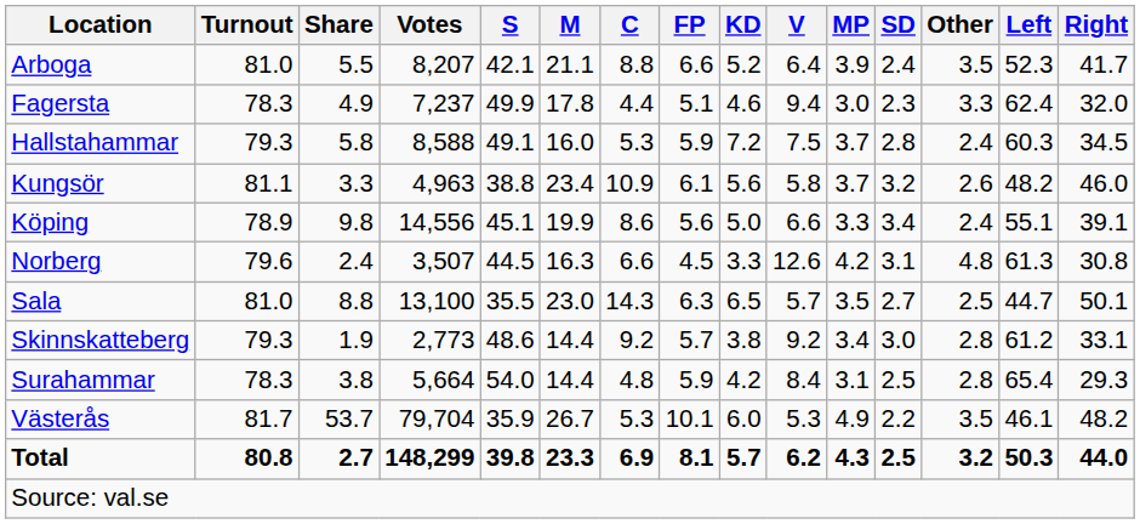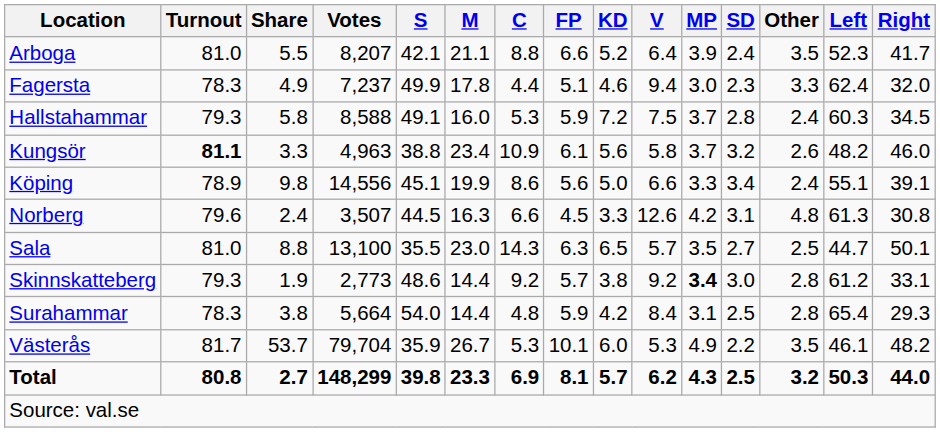 <table class="wikitable sortable" style=text-align:right>
 <tr>
 <th>Location</th>
 <th>Turnout</th>
 <th>Share</th>
 <th>Votes</th>
 <th><a href='#'>S</a></th>
 <th><a href='#'>M</a></th>
 <th><a href='#'>C</a></th>
 <th><a href='#'>FP</a></th>
 <th><a href='#'>KD</a></th>
 <th><a href='#'>V</a></th>
 <th><a href='#'>MP</a></th>
 <th><a href='#'>SD</a></th>
 <th>Other</th>
 <th><a href='#'>Left</a></th>
 <th><a href='#'>Right</a></th>
 </tr>
 <tr>
 <td align=left><a href='#'>Arboga</a></td>
 <td>81.0</td>
 <td>5.5</td>
 <td>8,207</td>
 <td>42.1</td>
 <td>21.1</td>
 <td>8.8</td>
 <td>6.6</td>
 <td>5.2</td>
 <td>6.4</td>
 <td>3.9</td>
 <td>2.4</td>
 <td>3.5</td>
 <td>52.3</td>
 <td>41.7</td>
 </tr>
 <tr>
 <td align=left><a href='#'>Fagersta</a></td>
 <td>78.3</td>
 <td>4.9</td>
 <td>7,237</td>
 <td>49.9</td>
 <td>17.8</td>
 <td>4.4</td>
 <td>5.1</td>
 <td>4.6</td>
 <td>9.4</td>
 <td>3.0</td>
 <td>2.3</td>
 <td>3.3</td>
 <td>62.4</td>
 <td>32.0</td>
 </tr>
 <tr>
 <td align=left><a href='#'>Hallstahammar</a></td>
 <td>79.3</td>
 <td>5.8</td>
 <td>8,588</td>
 <td>49.1</td>
 <td>16.0</td>
 <td>5.3</td>
 <td>5.9</td>
 <td>7.2</td>
 <td>7.5</td>
 <td>3.7</td>
 <td>2.8</td>
 <td>2.4</td>
 <td>60.3</td>
 <td>34.5</td>
 </tr>
 <tr>
 <td align=left><a href='#'>Kungsör</a></td>
-<td>81.1</td>
+<td><strong>81.1</strong></td>
 <td>3.3</td>
 <td>4,963</td>
 <td>38.8</td>
 <td>23.4</td>
 <td>10.9</td>
 <td>6.1</td>
 <td>5.6</td>
 <td>5.8</td>
 <td>3.7</td>
 <td>3.2</td>
 <td>2.6</td>
 <td>48.2</td>
 <td>46.0</td>
 </tr>
 <tr>
 <td align=left><a href='#'>Köping</a></td>
 <td>78.9</td>
 <td>9.8</td>
 <td>14,556</td>
 <td>45.1</td>
 <td>19.9</td>
 <td>8.6</td>
 <td>5.6</td>
 <td>5.0</td>
 <td>6.6</td>
 <td>3.3</td>
 <td>3.4</td>
 <td>2.4</td>
 <td>55.1</td>
 <td>39.1</td>
 </tr>
 <tr>
 <td align=left><a href='#'>Norberg</a></td>
 <td>79.6</td>
 <td>2.4</td>
 <td>3,507</td>
 <td>44.5</td>
 <td>16.3</td>
 <td>6.6</td>
 <td>4.5</td>
 <td>3.3</td>
 <td>12.6</td>
 <td>4.2</td>
 <td>3.1</td>
 <td>4.8</td>
 <td>61.3</td>
 <td>30.8</td>
 </tr>
 <tr>
 <td align=left><a href='#'>Sala</a></td>
 <td>81.0</td>
 <td>8.8</td>
 <td>13,100</td>
 <td>35.5</td>
 <td>23.0</td>
 <td>14.3</td>
 <td>6.3</td>
 <td>6.5</td>
 <td>5.7</td>
 <td>3.5</td>
 <td>2.7</td>
 <td>2.5</td>
 <td>44.7</td>
 <td>50.1</td>
 </tr>
 <tr>
 <td align=left><a href='#'>Skinnskatteberg</a></td>
 <td>79.3</td>
 <td>1.9</td>
 <td>2,773</td>
 <td>48.6</td>
 <td>14.4</td>
 <td>9.2</td>
 <td>5.7</td>
 <td>3.8</td>
 <td>9.2</td>
-<td>3.4</td>
+<td><strong>3.4</strong></td>
 <td>3.0</td>
 <td>2.8</td>
 <td>61.2</td>
 <td>33.1</td>
 </tr>
 <tr>
 <td align=left><a href='#'>Surahammar</a></td>
 <td>78.3</td>
 <td>3.8</td>
 <td>5,664</td>
 <td>54.0</td>
 <td>14.4</td>
 <td>4.8</td>
 <td>5.9</td>
 <td>4.2</td>
 <td>8.4</td>
 <td>3.1</td>
 <td>2.5</td>
 <td>2.8</td>
 <td>65.4</td>
 <td>29.3</td>
 </tr>
 <tr>
 <td align=left><a href='#'>Västerås</a></td>
 <td>81.7</td>
 <td>53.7</td>
 <td>79,704</td>
 <td>35.9</td>
 <td>26.7</td>
 <td>5.3</td>
 <td>10.1</td>
 <td>6.0</td>
 <td>5.3</td>
 <td>4.9</td>
 <td>2.2</td>
 <td>3.5</td>
 <td>46.1</td>
 <td>48.2</td>
 </tr>
 <tr>
 <td align=left><strong>Total</strong></td>
 <td><strong>80.8</strong></td>
 <td><strong>2.7</strong></td>
 <td><strong>148,299</strong></td>
 <td><strong>39.8</strong></td>
 <td><strong>23.3</strong></td>
 <td><strong>6.9</strong></td>
 <td><strong>8.1</strong></td>
 <td><strong>5.7</strong></td>
 <td><strong>6.2</strong></td>
 <td><strong>4.3</strong></td>
 <td><strong>2.5</strong></td>
 <td><strong>3.2</strong></td>
 <td><strong>50.3</strong></td>
 <td><strong>44.0</strong></td>
 </tr>
 <tr>
 <td align=left colspan=15>Source: val.se </td>
 </tr>
 </table>
